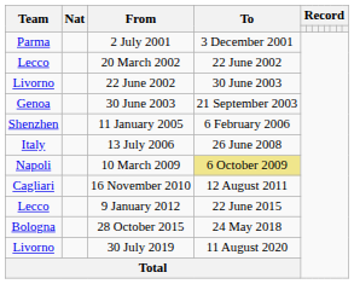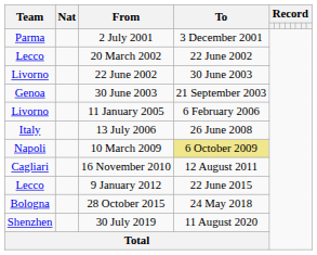 <table class="wikitable" style="text-align:center">
 <tr>
 <th rowspan="2">Team</th>
 <th rowspan="2">Nat</th>
 <th rowspan="2">From</th>
 <th rowspan="2">To</th>
 <th colspan="8">Record</th>
 </tr>
 <tr>
 <th></th>
 <th></th>
 <th></th>
 <th></th>
 <th></th>
 <th></th>
 <th></th>
 <th></th>
 </tr>
 <tr>
 <td><a href='#'>Parma</a></td>
 <td></td>
 <td>2 July 2001</td>
 <td>3 December 2001<br></td>
 </tr>
 <tr>
 <td><a href='#'>Lecco</a></td>
 <td></td>
 <td>20 March 2002</td>
 <td>22 June 2002<br></td>
 </tr>
 <tr>
 <td><a href='#'>Livorno</a></td>
 <td></td>
 <td>22 June 2002</td>
 <td>30 June 2003<br></td>
 </tr>
 <tr>
 <td><a href='#'>Genoa</a></td>
 <td></td>
 <td>30 June 2003</td>
 <td>21 September 2003<br></td>
 </tr>
 <tr>
-<td><a href='#'>Shenzhen</a></td>
+<td><a href='#'>Livorno</a></td>
 <td></td>
 <td>11 January 2005</td>
 <td>6 February 2006<br></td>
 </tr>
 <tr>
 <td><a href='#'>Italy</a></td>
 <td></td>
 <td>13 July 2006</td>
 <td>26 June 2008<br></td>
 </tr>
 <tr>
 <td><a href='#'>Napoli</a></td>
 <td></td>
 <td>10 March 2009</td>
 <td style="background: khaki;">6 October 2009<br></td>
 </tr>
 <tr>
 <td><a href='#'>Cagliari</a></td>
 <td></td>
 <td>16 November 2010</td>
 <td>12 August 2011<br></td>
 </tr>
 <tr>
 <td><a href='#'>Lecco</a></td>
 <td></td>
 <td>9 January 2012</td>
 <td>22 June 2015<br></td>
 </tr>
 <tr>
 <td><a href='#'>Bologna</a></td>
 <td></td>
 <td>28 October 2015</td>
 <td>24 May 2018<br></td>
 </tr>
 <tr>
-<td><a href='#'>Livorno</a></td>
+<td><a href='#'>Shenzhen</a></td>
 <td></td>
 <td>30 July 2019</td>
 <td>11 August 2020<br></td>
 </tr>
 <tr>
 <th colspan="4">Total<br></th>
 </tr>
 </table>
